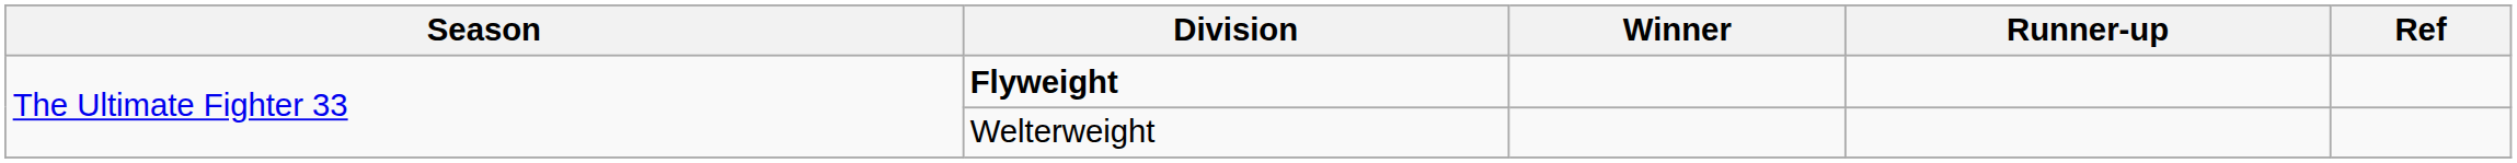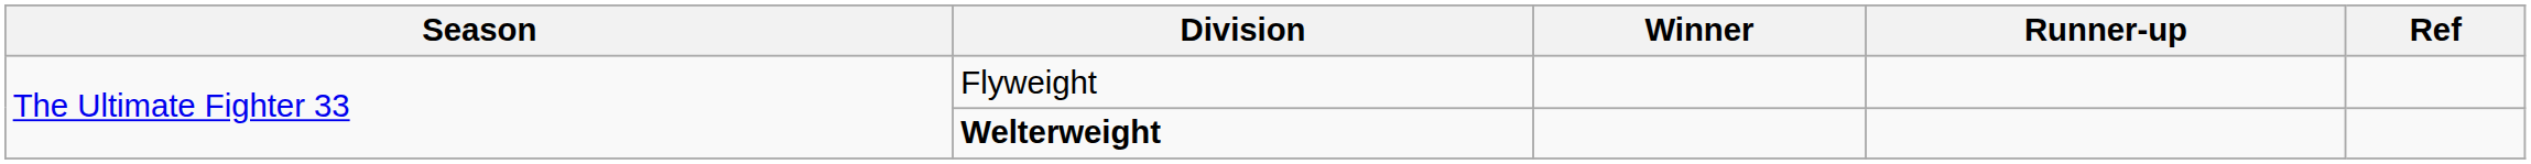 <table class="wikitable" style="width:99%;">
 <tr>
 <th>Season</th>
 <th>Division</th>
 <th>Winner</th>
 <th>Runner-up</th>
 <th>Ref</th>
 </tr>
 <tr>
 <td rowspan="2"><a href='#'>The Ultimate Fighter 33</a></td>
-<td><strong>Flyweight</strong></td>
+<td>Flyweight</td>
 <td></td>
 <td></td>
 <td></td>
 </tr>
 <tr>
-<td>Welterweight</td>
+<td><strong>Welterweight</strong></td>
 <td></td>
 <td></td>
 <td></td>
 </tr>
 </table>
